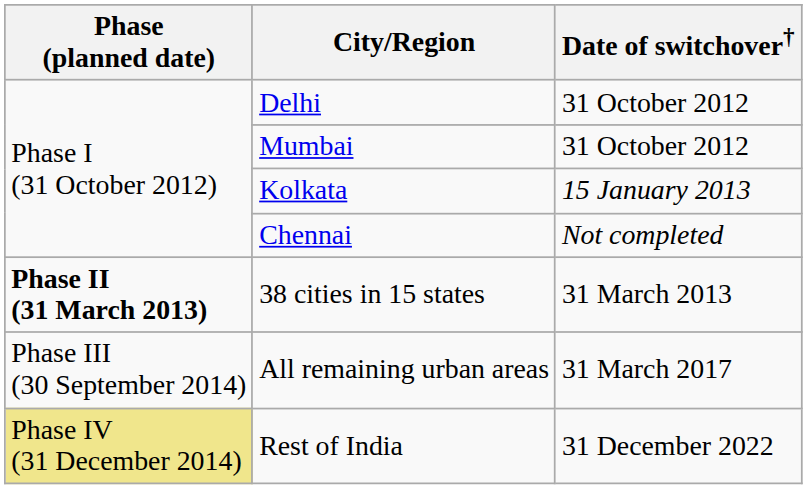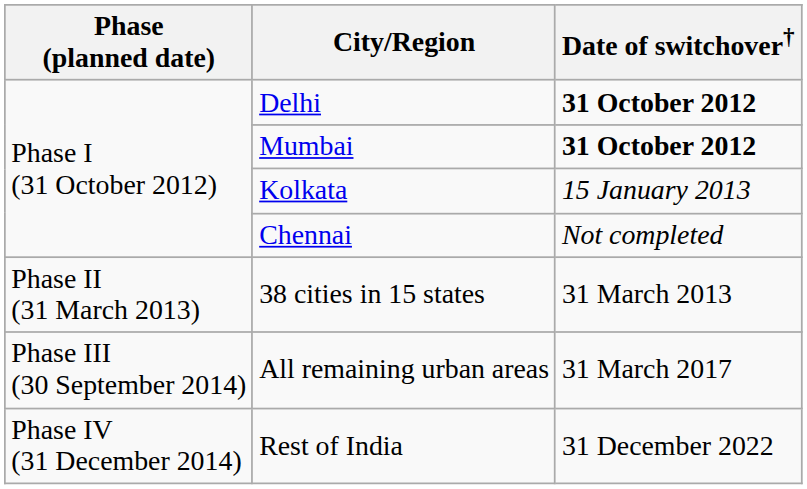 <table class=" wikitable">
 <tr>
 <th>Phase <br> (planned date)</th>
 <th>City/Region</th>
 <th>Date of switchover<sup>†</sup></th>
 </tr>
 <tr>
 <td rowspan="4">Phase I <br> (31 October 2012)</td>
 <td><a href='#'>Delhi</a></td>
-<td>31 October 2012</td>
+<td><strong>31 October 2012</strong></td>
 </tr>
 <tr>
 <td><a href='#'>Mumbai</a></td>
-<td>31 October 2012</td>
+<td><strong>31 October 2012</strong></td>
 </tr>
 <tr>
 <td><a href='#'>Kolkata</a></td>
 <td><em>15 January 2013</em></td>
 </tr>
 <tr>
 <td><a href='#'>Chennai</a></td>
 <td><em>Not completed</em></td>
 </tr>
 <tr>
-<td><strong>Phase II <br> (31 March 2013)</strong></td>
+<td>Phase II <br> (31 March 2013)</td>
 <td>38 cities in 15 states</td>
 <td>31 March 2013</td>
 </tr>
 <tr>
 <td>Phase III <br> (30 September 2014)</td>
 <td>All remaining urban areas</td>
 <td>31 March 2017</td>
 </tr>
 <tr>
-<td style="background: khaki;">Phase IV <br> (31 December 2014)</td>
+<td>Phase IV <br> (31 December 2014)</td>
 <td>Rest of India</td>
 <td>31 December 2022</td>
 </tr>
 </table>
